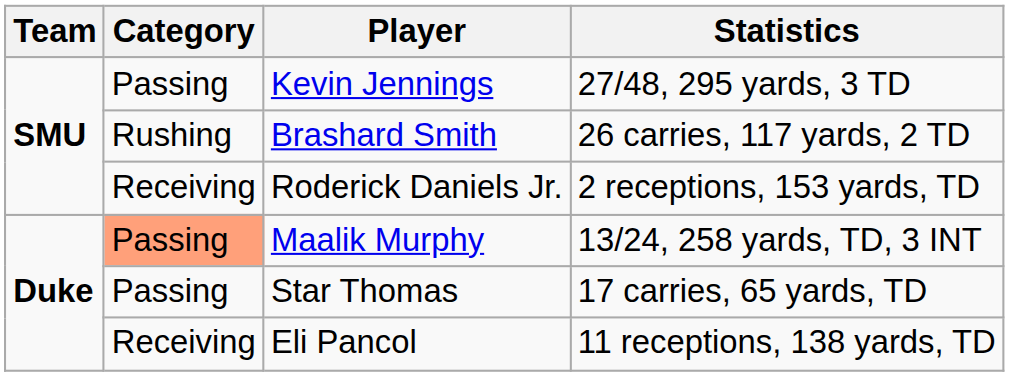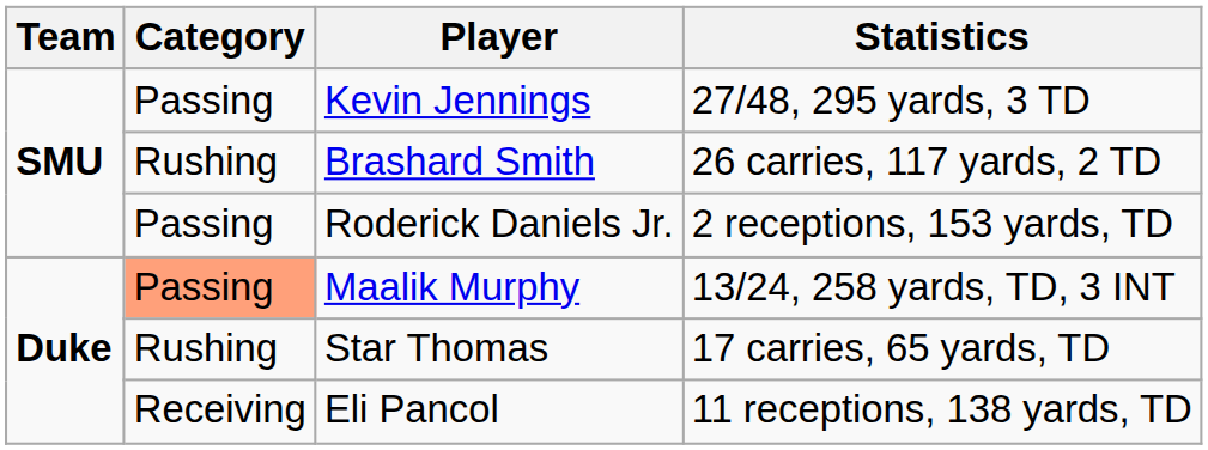 <table class="wikitable" style="float: right;">
 <tr>
 <th>Team</th>
 <th>Category</th>
 <th>Player</th>
 <th>Statistics</th>
 </tr>
 <tr>
 <td rowspan=3><strong>SMU</strong></td>
 <td>Passing</td>
 <td><a href='#'>Kevin Jennings</a></td>
 <td>27/48, 295 yards, 3 TD</td>
 </tr>
 <tr>
 <td>Rushing</td>
 <td><a href='#'>Brashard Smith</a></td>
 <td>26 carries, 117 yards, 2 TD</td>
 </tr>
 <tr>
-<td>Receiving</td>
+<td>Passing</td>
 <td>Roderick Daniels Jr.</td>
 <td>2 receptions, 153 yards, TD</td>
 </tr>
 <tr>
 <td rowspan=3><strong>Duke</strong></td>
 <td style="background: lightsalmon;">Passing</td>
 <td><a href='#'>Maalik Murphy</a></td>
 <td>13/24, 258 yards, TD, 3 INT</td>
 </tr>
 <tr>
-<td>Passing</td>
+<td>Rushing</td>
 <td>Star Thomas</td>
 <td>17 carries, 65 yards, TD</td>
 </tr>
 <tr>
 <td>Receiving</td>
 <td>Eli Pancol</td>
 <td>11 receptions, 138 yards, TD</td>
 </tr>
 </table>
